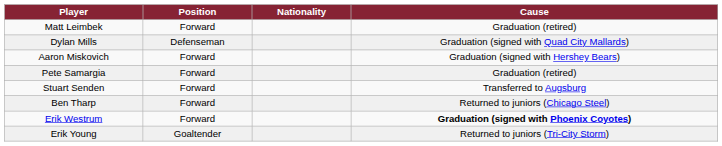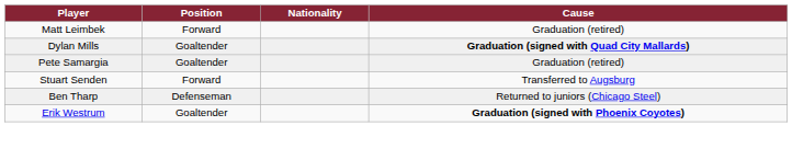 <table class="wikitable" width="60%">
 <tr>
 <th style="color:white; background:#862334; ">Player</th>
 <th style="color:white; background:#862334; ">Position</th>
 <th style="color:white; background:#862334; ">Nationality</th>
 <th style="color:white; background:#862334; ">Cause</th>
 </tr>
 <tr align="center" bgcolor="">
 <td>Matt Leimbek</td>
 <td>Forward</td>
 <td></td>
 <td>Graduation (retired)</td>
 </tr>
 <tr align="center" bgcolor="f0f0f0">
 <td>Dylan Mills</td>
-<td>Defenseman</td>
+<td>Goaltender</td>
 <td></td>
-<td>Graduation (signed with <a href='#'>Quad City Mallards</a>)</td>
-</tr>
-<tr align="center" bgcolor="">
-<td>Aaron Miskovich</td>
-<td>Forward</td>
-<td></td>
-<td>Graduation (signed with <a href='#'>Hershey Bears</a>)</td>
+<td><strong>Graduation (signed with <a href='#'>Quad City Mallards</a>)</strong></td>
 </tr>
 <tr align="center" bgcolor="f0f0f0">
 <td>Pete Samargia</td>
-<td>Forward</td>
+<td>Goaltender</td>
 <td></td>
 <td>Graduation (retired)</td>
 </tr>
 <tr align="center" bgcolor="">
 <td>Stuart Senden</td>
 <td>Forward</td>
 <td></td>
 <td>Transferred to <a href='#'>Augsburg</a></td>
 </tr>
 <tr align="center" bgcolor="f0f0f0">
 <td>Ben Tharp</td>
-<td>Forward</td>
+<td>Defenseman</td>
 <td></td>
 <td>Returned to juniors (<a href='#'>Chicago Steel</a>)</td>
 </tr>
 <tr align="center" bgcolor="">
 <td><a href='#'>Erik Westrum</a></td>
-<td>Forward</td>
+<td>Goaltender</td>
 <td></td>
 <td><strong>Graduation (signed with <a href='#'>Phoenix Coyotes</a>)</strong></td>
 </tr>
-<tr align="center" bgcolor="f0f0f0">
-<td>Erik Young</td>
-<td>Goaltender</td>
-<td></td>
-<td>Returned to juniors (<a href='#'>Tri-City Storm</a>)</td>
-</tr>
 </table>
